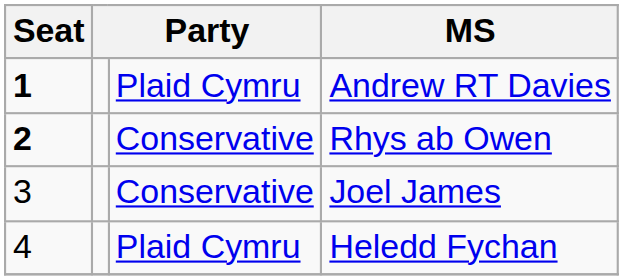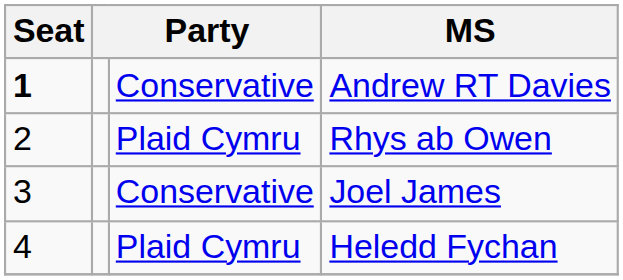 <table class="wikitable">
 <tr>
 <th>Seat</th>
 <th colspan=2>Party</th>
 <th>MS</th>
 </tr>
 <tr>
 <td><strong>1</strong></td>
 <td style="color:inherit;background:"></td>
-<td><a href='#'>Plaid Cymru</a></td>
+<td><a href='#'>Conservative</a></td>
 <td><a href='#'>Andrew RT Davies</a></td>
 </tr>
 <tr>
-<td><strong>2</strong></td>
+<td>2</td>
 <td style="color:inherit;background:"></td>
-<td><a href='#'>Conservative</a></td>
+<td><a href='#'>Plaid Cymru</a></td>
 <td><a href='#'>Rhys ab Owen</a></td>
 </tr>
 <tr>
 <td>3</td>
 <td style="color:inherit;background:"></td>
 <td><a href='#'>Conservative</a></td>
 <td><a href='#'>Joel James</a></td>
 </tr>
 <tr>
 <td>4</td>
 <td style="color:inherit;background:"></td>
 <td><a href='#'>Plaid Cymru</a></td>
 <td><a href='#'>Heledd Fychan</a></td>
 </tr>
 <tr>
 </tr>
 </table>
